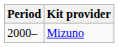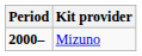 <table class="wikitable" style="text-align: left">
 <tr>
 <th>Period</th>
 <th>Kit provider</th>
 </tr>
 <tr>
-<td>2000–</td>
+<td><strong>2000–</strong></td>
 <td><a href='#'>Mizuno</a></td>
 </tr>
 </table>
